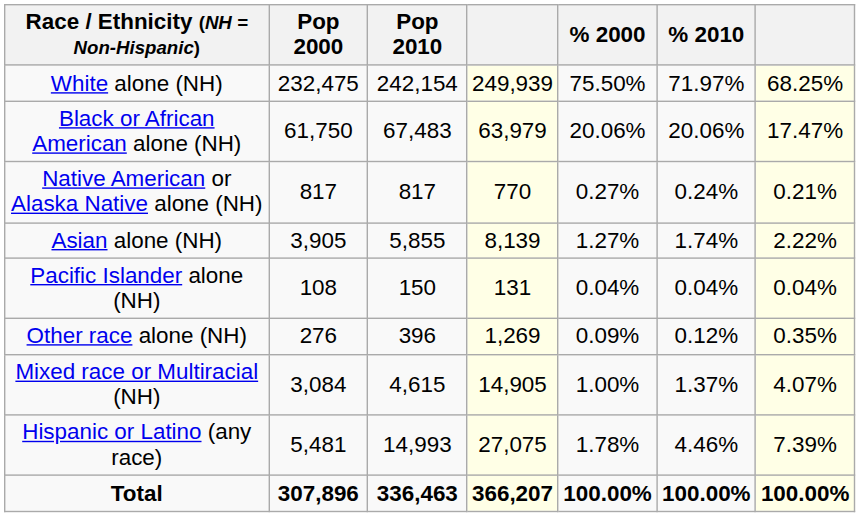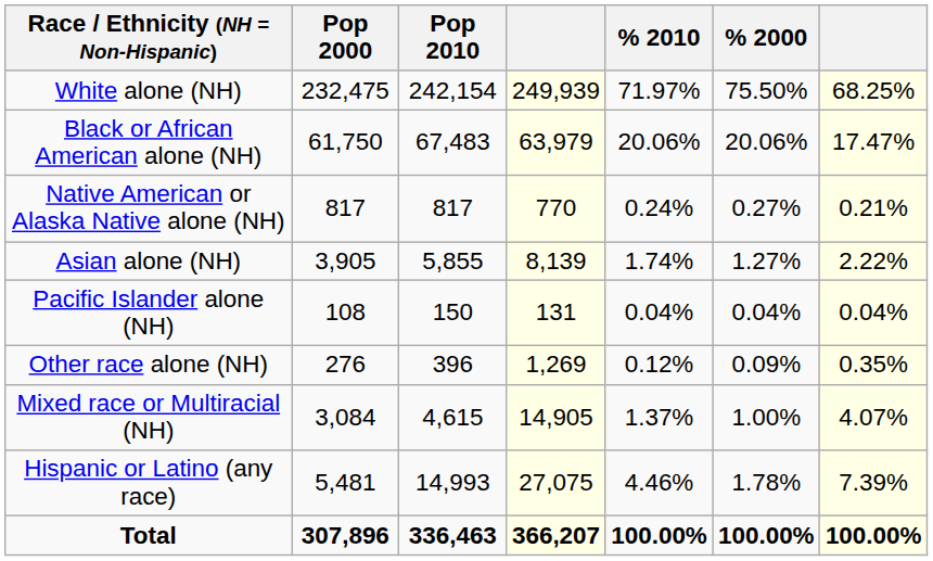 <table class="wikitable" style="text-align:center;">
 <tr>
 <th>Race / Ethnicity <small>(<em>NH = Non-Hispanic</em>)</small></th>
 <th>Pop 2000</th>
 <th>Pop 2010</th>
 <th></th>
+<th>% 2010</th>
 <th>% 2000</th>
-<th>% 2010</th>
 <th></th>
 </tr>
 <tr>
 <td><a href='#'>White</a> alone (NH)</td>
 <td>232,475</td>
 <td>242,154</td>
 <td style='background: #ffffe6;'>249,939</td>
+<td>71.97%</td>
 <td>75.50%</td>
-<td>71.97%</td>
 <td style='background: #ffffe6;'>68.25%</td>
 </tr>
 <tr>
 <td><a href='#'>Black or African American</a> alone (NH)</td>
 <td>61,750</td>
 <td>67,483</td>
 <td style='background: #ffffe6;'>63,979</td>
 <td>20.06%</td>
 <td>20.06%</td>
 <td style='background: #ffffe6;'>17.47%</td>
 </tr>
 <tr>
 <td><a href='#'>Native American</a> or <a href='#'>Alaska Native</a> alone (NH)</td>
 <td>817</td>
 <td>817</td>
 <td style='background: #ffffe6;'>770</td>
+<td>0.24%</td>
 <td>0.27%</td>
-<td>0.24%</td>
 <td style='background: #ffffe6;'>0.21%</td>
 </tr>
 <tr>
 <td><a href='#'>Asian</a> alone (NH)</td>
 <td>3,905</td>
 <td>5,855</td>
 <td style='background: #ffffe6;'>8,139</td>
+<td>1.74%</td>
 <td>1.27%</td>
-<td>1.74%</td>
 <td style='background: #ffffe6;'>2.22%</td>
 </tr>
 <tr>
 <td><a href='#'>Pacific Islander</a> alone (NH)</td>
 <td>108</td>
 <td>150</td>
 <td style='background: #ffffe6;'>131</td>
 <td>0.04%</td>
 <td>0.04%</td>
 <td style='background: #ffffe6;'>0.04%</td>
 </tr>
 <tr>
 <td><a href='#'>Other race</a> alone (NH)</td>
 <td>276</td>
 <td>396</td>
 <td style='background: #ffffe6;'>1,269</td>
+<td>0.12%</td>
 <td>0.09%</td>
-<td>0.12%</td>
 <td style='background: #ffffe6;'>0.35%</td>
 </tr>
 <tr>
 <td><a href='#'>Mixed race or Multiracial</a> (NH)</td>
 <td>3,084</td>
 <td>4,615</td>
 <td style='background: #ffffe6;'>14,905</td>
+<td>1.37%</td>
 <td>1.00%</td>
-<td>1.37%</td>
 <td style='background: #ffffe6;'>4.07%</td>
 </tr>
 <tr>
 <td><a href='#'>Hispanic or Latino</a> (any race)</td>
 <td>5,481</td>
 <td>14,993</td>
 <td style='background: #ffffe6;'>27,075</td>
+<td>4.46%</td>
 <td>1.78%</td>
-<td>4.46%</td>
 <td style='background: #ffffe6;'>7.39%</td>
 </tr>
 <tr>
 <td><strong>Total</strong></td>
 <td><strong>307,896</strong></td>
 <td><strong>336,463</strong></td>
 <td style='background: #ffffe6;'><strong>366,207</strong></td>
 <td><strong>100.00%</strong></td>
 <td><strong>100.00%</strong></td>
 <td style='background: #ffffe6;'><strong>100.00%</strong></td>
 </tr>
 </table>
